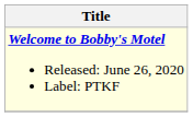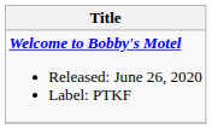 <table class="wikitable">
 <tr>
 <th>Title</th>
 </tr>
 <tr>
-<td style="background: lightyellow;"><strong><em><a href='#'>Welcome to Bobby's Motel</a></em></strong><br><ul><li>Released: June 26, 2020</li><li>Label: PTKF</li></ul></td>
+<td><strong><em><a href='#'>Welcome to Bobby's Motel</a></em></strong><br><ul><li>Released: June 26, 2020</li><li>Label: PTKF</li></ul></td>
 </tr>
 <tr>
 </tr>
 </table>
